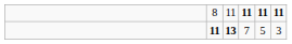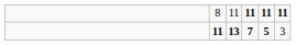 <table class="wikitable">
 <tr>
 <td style="width:18em"><strong></strong></td>
 <td align=center style="width:1em">8</td>
 <td align=center style="width:1em">11</td>
 <td align=center style="width:1em"><strong>11</strong></td>
 <td align=center style="width:1em"><strong>11</strong></td>
 <td align=center style="width:1em"><strong>11</strong></td>
 </tr>
 <tr>
 <td style="width:18em"></td>
 <td align=center style="width:1em"><strong>11</strong></td>
 <td align=center style="width:1em"><strong>13</strong></td>
-<td align=center style="width:1em">7</td>
-<td align=center style="width:1em">5</td>
+<td align=center style="width:1em"><strong>7</strong></td>
+<td align=center style="width:1em"><strong>5</strong></td>
 <td align=center style="width:1em">3</td>
 </tr>
 </table>
